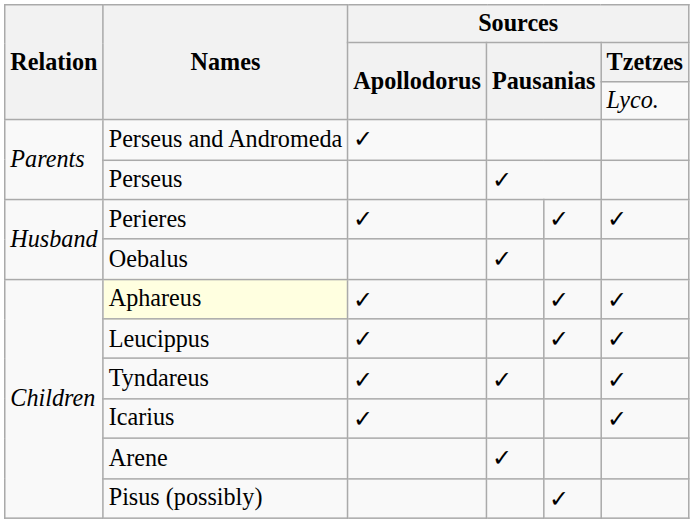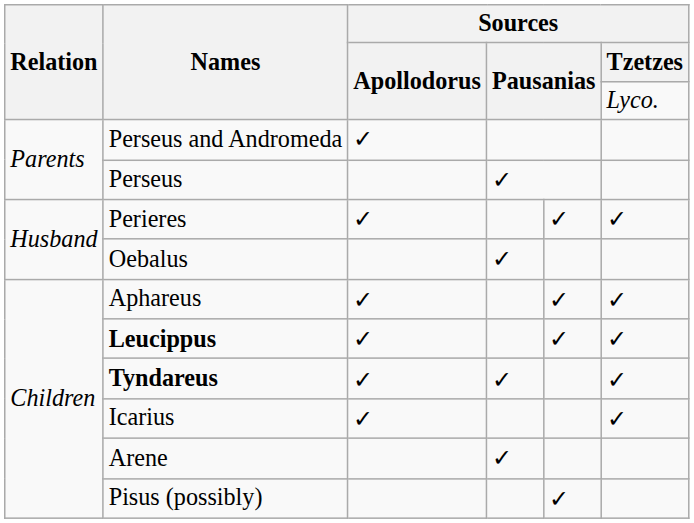 <table class="wikitable">
 <tr>
 <th rowspan="3"><strong>Relation</strong></th>
 <th rowspan="3">Names</th>
 <th colspan="4">Sources</th>
 </tr>
 <tr>
 <th rowspan="2">Apollodorus</th>
 <th colspan="2" rowspan="2">Pausanias</th>
 <th>Tzetzes</th>
 </tr>
 <tr>
 <td><em>Lyco.</em></td>
 </tr>
 <tr>
 <td rowspan="2"><em>Parents</em></td>
 <td>Perseus and Andromeda</td>
 <td>✓</td>
 <td colspan="2"></td>
 <td></td>
 </tr>
 <tr>
 <td>Perseus</td>
 <td></td>
 <td colspan="2">✓</td>
 <td></td>
 </tr>
 <tr>
 <td rowspan="2"><em>Husband</em></td>
 <td>Perieres</td>
 <td>✓</td>
 <td></td>
 <td>✓</td>
 <td>✓</td>
 </tr>
 <tr>
 <td>Oebalus</td>
 <td></td>
 <td>✓</td>
 <td></td>
 <td></td>
 </tr>
 <tr>
 <td rowspan="6"><em>Children</em></td>
-<td style="background: lightyellow;">Aphareus</td>
+<td>Aphareus</td>
 <td>✓</td>
 <td></td>
 <td>✓</td>
 <td>✓</td>
 </tr>
 <tr>
-<td>Leucippus</td>
+<td><strong>Leucippus</strong></td>
 <td>✓</td>
 <td></td>
 <td>✓</td>
 <td>✓</td>
 </tr>
 <tr>
-<td>Tyndareus</td>
+<td><strong>Tyndareus</strong></td>
 <td>✓</td>
 <td>✓</td>
 <td></td>
 <td>✓</td>
 </tr>
 <tr>
 <td>Icarius</td>
 <td>✓</td>
 <td></td>
 <td></td>
 <td>✓</td>
 </tr>
 <tr>
 <td>Arene</td>
 <td></td>
 <td>✓</td>
 <td></td>
 <td></td>
 </tr>
 <tr>
 <td>Pisus (possibly)</td>
 <td></td>
 <td></td>
 <td>✓</td>
 <td></td>
 </tr>
 </table>
